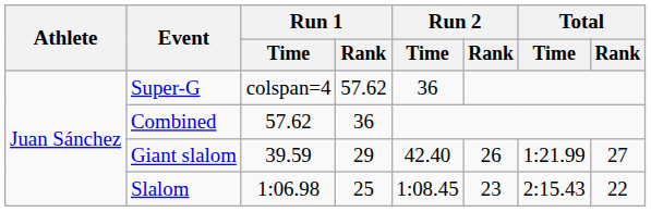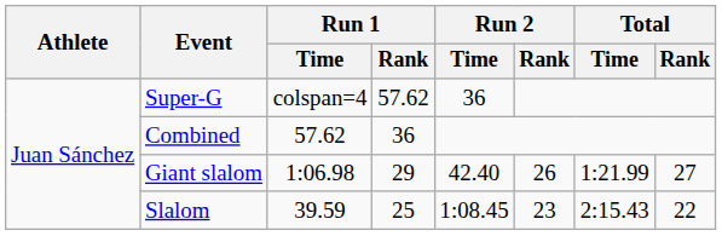 <table class="wikitable" style="font-size:90%">
 <tr>
 <th rowspan=2>Athlete</th>
 <th rowspan=2>Event</th>
 <th colspan=2>Run 1</th>
 <th colspan=2>Run 2</th>
 <th colspan=2>Total</th>
 </tr>
 <tr style="font-size:95%">
 <th>Time</th>
 <th>Rank</th>
 <th>Time</th>
 <th>Rank</th>
 <th>Time</th>
 <th>Rank</th>
 </tr>
 <tr align=center>
 <td align="left" rowspan="4"><a href='#'>Juan Sánchez</a></td>
 <td align="left"><a href='#'>Super-G</a></td>
 <td>colspan=4</td>
 <td>57.62</td>
 <td>36</td>
 </tr>
 <tr align=center>
 <td align="left"><a href='#'>Combined</a></td>
 <td>57.62</td>
 <td>36</td>
 <td colspan=4></td>
 </tr>
 <tr align=center>
 <td align="left"><a href='#'>Giant slalom</a></td>
-<td>39.59</td>
+<td>1:06.98</td>
 <td>29</td>
 <td>42.40</td>
 <td>26</td>
 <td>1:21.99</td>
 <td>27</td>
 </tr>
 <tr align=center>
 <td align="left"><a href='#'>Slalom</a></td>
-<td>1:06.98</td>
+<td>39.59</td>
 <td>25</td>
 <td>1:08.45</td>
 <td>23</td>
 <td>2:15.43</td>
 <td>22</td>
 </tr>
 </table>
